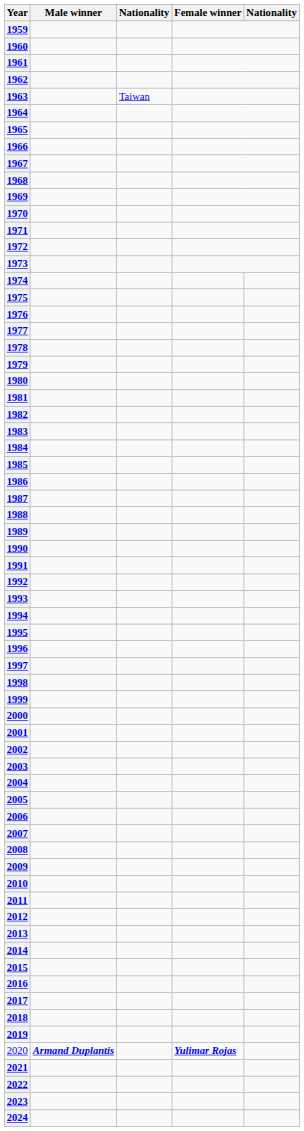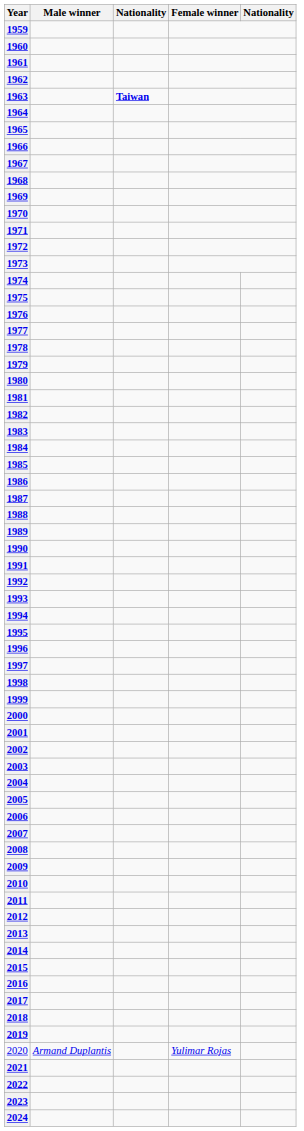 <table class="wikitable plainrowheaders sortable">
 <tr>
 <th scope="colspan">Year</th>
 <th scope="colspan">Male winner</th>
 <th scope="colspan">Nationality</th>
 <th scope="colspan">Female winner</th>
 <th scope="colspan">Nationality</th>
 </tr>
 <tr>
 <th scope=row><a href='#'>1959</a></th>
 <td></td>
 <td></td>
 <td colspan="2" align="center"></td>
 </tr>
 <tr>
 <th scope=row><a href='#'>1960</a></th>
 <td></td>
 <td></td>
 <td colspan="2" align="center"></td>
 </tr>
 <tr>
 <th scope=row><a href='#'>1961</a></th>
 <td></td>
 <td></td>
 <td colspan="2" align="center"></td>
 </tr>
 <tr>
 <th scope=row><a href='#'>1962</a></th>
 <td></td>
 <td></td>
 <td colspan="2" align="center"></td>
 </tr>
 <tr>
 <th scope=row><a href='#'>1963</a></th>
 <td></td>
-<td> <a href='#'>Taiwan</a></td>
+<td><strong> <a href='#'>Taiwan</a></strong></td>
 <td colspan="2" align="center"></td>
 </tr>
 <tr>
 <th scope=row><a href='#'>1964</a></th>
 <td></td>
 <td></td>
 <td colspan="2" align="center"></td>
 </tr>
 <tr>
 <th scope=row><a href='#'>1965</a></th>
 <td></td>
 <td></td>
 <td colspan="2" align="center"></td>
 </tr>
 <tr>
 <th scope=row><a href='#'>1966</a></th>
 <td></td>
 <td></td>
 <td colspan="2" align="center"></td>
 </tr>
 <tr>
 <th scope=row><a href='#'>1967</a></th>
 <td></td>
 <td></td>
 <td colspan="2" align="center"></td>
 </tr>
 <tr>
 <th scope=row><a href='#'>1968</a></th>
 <td></td>
 <td></td>
 <td colspan="2" align="center"></td>
 </tr>
 <tr>
 <th scope=row><a href='#'>1969</a></th>
 <td></td>
 <td></td>
 <td colspan="2" align="center"></td>
 </tr>
 <tr>
 <th scope=row><a href='#'>1970</a></th>
 <td></td>
 <td></td>
 <td colspan="2" align="center"></td>
 </tr>
 <tr>
 <th scope=row><a href='#'>1971</a></th>
 <td></td>
 <td></td>
 <td colspan="2" align="center"></td>
 </tr>
 <tr>
 <th scope=row><a href='#'>1972</a></th>
 <td></td>
 <td></td>
 <td colspan="2" align="center"></td>
 </tr>
 <tr>
 <th scope=row><a href='#'>1973</a></th>
 <td></td>
 <td></td>
 <td colspan="2" align="center"></td>
 </tr>
 <tr>
 <th scope=row><a href='#'>1974</a></th>
 <td></td>
 <td></td>
 <td></td>
 <td></td>
 </tr>
 <tr>
 <th scope=row><a href='#'>1975</a></th>
 <td></td>
 <td></td>
 <td></td>
 <td></td>
 </tr>
 <tr>
 <th scope=row><a href='#'>1976</a></th>
 <td></td>
 <td></td>
 <td></td>
 <td></td>
 </tr>
 <tr>
 <th scope=row><a href='#'>1977</a></th>
 <td></td>
 <td></td>
 <td></td>
 <td></td>
 </tr>
 <tr>
 <th scope=row><a href='#'>1978</a></th>
 <td></td>
 <td></td>
 <td></td>
 <td></td>
 </tr>
 <tr>
 <th scope=row><a href='#'>1979</a></th>
 <td></td>
 <td></td>
 <td></td>
 <td></td>
 </tr>
 <tr>
 <th scope=row><a href='#'>1980</a></th>
 <td></td>
 <td></td>
 <td></td>
 <td></td>
 </tr>
 <tr>
 <th scope=row><a href='#'>1981</a></th>
 <td></td>
 <td></td>
 <td></td>
 <td></td>
 </tr>
 <tr>
 <th scope=row><a href='#'>1982</a></th>
 <td></td>
 <td></td>
 <td></td>
 <td></td>
 </tr>
 <tr>
 <th scope=row><a href='#'>1983</a></th>
 <td></td>
 <td></td>
 <td></td>
 <td></td>
 </tr>
 <tr>
 <th scope=row><a href='#'>1984</a></th>
 <td></td>
 <td></td>
 <td></td>
 <td></td>
 </tr>
 <tr>
 <th scope=row><a href='#'>1985</a></th>
 <td></td>
 <td></td>
 <td></td>
 <td></td>
 </tr>
 <tr>
 <th scope=row><a href='#'>1986</a></th>
 <td></td>
 <td></td>
 <td></td>
 <td></td>
 </tr>
 <tr>
 <th scope=row><a href='#'>1987</a></th>
 <td></td>
 <td></td>
 <td></td>
 <td></td>
 </tr>
 <tr>
 <th scope=row><a href='#'>1988</a></th>
 <td></td>
 <td></td>
 <td></td>
 <td></td>
 </tr>
 <tr>
 <th scope=row><a href='#'>1989</a></th>
 <td></td>
 <td></td>
 <td></td>
 <td></td>
 </tr>
 <tr>
 <th scope=row><a href='#'>1990</a></th>
 <td></td>
 <td></td>
 <td></td>
 <td></td>
 </tr>
 <tr>
 <th scope=row><a href='#'>1991</a></th>
 <td></td>
 <td></td>
 <td></td>
 <td></td>
 </tr>
 <tr>
 <th scope=row><a href='#'>1992</a></th>
 <td></td>
 <td></td>
 <td></td>
 <td></td>
 </tr>
 <tr>
 <th scope=row><a href='#'>1993</a></th>
 <td></td>
 <td></td>
 <td></td>
 <td></td>
 </tr>
 <tr>
 <th scope=row><a href='#'>1994</a></th>
 <td></td>
 <td></td>
 <td></td>
 <td></td>
 </tr>
 <tr>
 <th scope=row><a href='#'>1995</a></th>
 <td></td>
 <td></td>
 <td></td>
 <td></td>
 </tr>
 <tr>
 <th scope=row><a href='#'>1996</a></th>
 <td></td>
 <td></td>
 <td></td>
 <td></td>
 </tr>
 <tr>
 <th scope=row><a href='#'>1997</a></th>
 <td></td>
 <td></td>
 <td></td>
 <td></td>
 </tr>
 <tr>
 <th scope=row><a href='#'>1998</a></th>
 <td></td>
 <td></td>
 <td></td>
 <td></td>
 </tr>
 <tr>
 <th scope=row><a href='#'>1999</a></th>
 <td></td>
 <td></td>
 <td></td>
 <td></td>
 </tr>
 <tr>
 <th scope=row><a href='#'>2000</a></th>
 <td></td>
 <td></td>
 <td></td>
 <td></td>
 </tr>
 <tr>
 <th scope=row><a href='#'>2001</a></th>
 <td></td>
 <td></td>
 <td></td>
 <td></td>
 </tr>
 <tr>
 <th scope=row><a href='#'>2002</a></th>
 <td></td>
 <td></td>
 <td></td>
 <td></td>
 </tr>
 <tr>
 <th scope=row><a href='#'>2003</a></th>
 <td></td>
 <td></td>
 <td></td>
 <td></td>
 </tr>
 <tr>
 <th scope=row><a href='#'>2004</a></th>
 <td></td>
 <td></td>
 <td></td>
 <td></td>
 </tr>
 <tr>
 <th scope=row><a href='#'>2005</a></th>
 <td></td>
 <td></td>
 <td></td>
 <td></td>
 </tr>
 <tr>
 <th scope=row><a href='#'>2006</a></th>
 <td></td>
 <td></td>
 <td></td>
 <td></td>
 </tr>
 <tr>
 <th scope=row><a href='#'>2007</a></th>
 <td></td>
 <td></td>
 <td></td>
 <td></td>
 </tr>
 <tr>
 <th scope=row><a href='#'>2008</a></th>
 <td></td>
 <td></td>
 <td></td>
 <td></td>
 </tr>
 <tr>
 <th scope=row><a href='#'>2009</a></th>
 <td></td>
 <td></td>
 <td></td>
 <td></td>
 </tr>
 <tr>
 <th scope=row><a href='#'>2010</a></th>
 <td></td>
 <td></td>
 <td></td>
 <td></td>
 </tr>
 <tr>
 <th scope=row><a href='#'>2011</a></th>
 <td></td>
 <td></td>
 <td></td>
 <td></td>
 </tr>
 <tr>
 <th scope=row><a href='#'>2012</a></th>
 <td></td>
 <td></td>
 <td></td>
 <td></td>
 </tr>
 <tr>
 <th scope=row><a href='#'>2013</a></th>
 <td></td>
 <td></td>
 <td></td>
 <td></td>
 </tr>
 <tr>
 <th scope=row><a href='#'>2014</a></th>
 <td></td>
 <td></td>
 <td></td>
 <td></td>
 </tr>
 <tr>
 <th scope=row><a href='#'>2015</a></th>
 <td></td>
 <td></td>
 <td></td>
 <td></td>
 </tr>
 <tr>
 <th scope=row><a href='#'>2016</a></th>
 <td></td>
 <td></td>
 <td></td>
 <td></td>
 </tr>
 <tr>
 <th scope=row><a href='#'>2017</a></th>
 <td></td>
 <td></td>
 <td></td>
 <td></td>
 </tr>
 <tr>
 <th scope=row><a href='#'>2018</a></th>
 <td></td>
 <td></td>
 <td></td>
 <td></td>
 </tr>
 <tr>
 <th scope=row><a href='#'>2019</a></th>
 <td></td>
 <td></td>
 <td></td>
 <td></td>
 </tr>
 <tr>
 <td ! scope=row><a href='#'>2020</a></td>
-<td><strong><em> <a href='#'>Armand Duplantis</a></em></strong></td>
+<td><em> <a href='#'>Armand Duplantis</a></em></td>
 <td></td>
-<td><strong><em> <a href='#'>Yulimar Rojas</a></em></strong></td>
+<td><em> <a href='#'>Yulimar Rojas</a></em></td>
 <td></td>
 </tr>
 <tr>
 <th scope=row><a href='#'>2021</a></th>
 <td></td>
 <td></td>
 <td></td>
 <td></td>
 </tr>
 <tr>
 <th scope=row><a href='#'>2022</a></th>
 <td></td>
 <td></td>
 <td></td>
 <td></td>
 </tr>
 <tr>
 <th scope=row><a href='#'>2023</a></th>
 <td></td>
 <td></td>
 <td></td>
 <td></td>
 </tr>
 <tr>
 <th scope=row><a href='#'>2024</a></th>
 <td></td>
 <td></td>
 <td></td>
 <td></td>
 </tr>
 </table>
